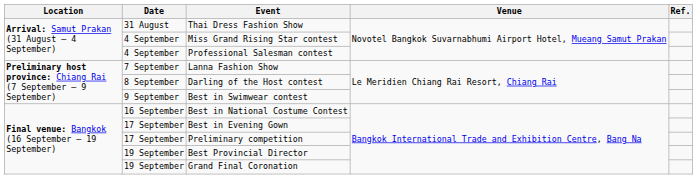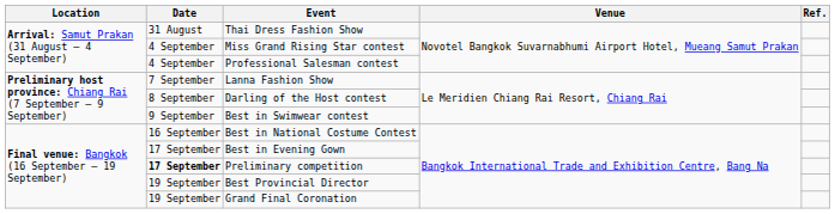 <table class="wikitable" style="font-size: 90%">
 <tr>
 <th width=160>Location</th>
 <th>Date</th>
 <th>Event</th>
 <th>Venue</th>
 <th>Ref.</th>
 </tr>
 <tr>
 <td rowspan=3><strong>Arrival:</strong> <a href='#'>Samut Prakan</a><br>(31 August – 4 September)</td>
 <td>31 August</td>
 <td>Thai Dress Fashion Show</td>
 <td rowspan=3>Novotel Bangkok Suvarnabhumi Airport Hotel, <a href='#'>Mueang Samut Prakan</a></td>
 <td align=center></td>
 </tr>
 <tr>
 <td>4 September</td>
 <td>Miss Grand Rising Star contest</td>
 <td></td>
 </tr>
 <tr>
 <td>4 September</td>
 <td>Professional Salesman contest</td>
 <td></td>
 </tr>
 <tr>
 <td rowspan=3><strong>Preliminary host province:</strong> <a href='#'>Chiang Rai</a><br>(7 September – 9 September)</td>
 <td>7 September</td>
 <td>Lanna Fashion Show</td>
 <td rowspan=3>Le Meridien Chiang Rai Resort, <a href='#'>Chiang Rai</a></td>
 <td align=center></td>
 </tr>
 <tr>
 <td>8 September</td>
 <td>Darling of the Host contest</td>
 <td></td>
 </tr>
 <tr>
 <td>9 September</td>
 <td>Best in Swimwear contest</td>
 <td></td>
 </tr>
 <tr>
 <td rowspan=5><strong>Final venue:</strong> <a href='#'>Bangkok</a><br>(16 September – 19 September)</td>
 <td>16 September</td>
 <td>Best in National Costume Contest</td>
 <td rowspan=5><a href='#'>Bangkok International Trade and Exhibition Centre</a>, <a href='#'>Bang Na</a></td>
 <td align=center></td>
 </tr>
 <tr>
 <td>17 September</td>
 <td>Best in Evening Gown</td>
 <td align=center></td>
 </tr>
 <tr>
-<td>17 September</td>
+<td><strong>17 September</strong></td>
 <td>Preliminary competition</td>
 <td align=center></td>
 </tr>
 <tr>
 <td>19 September</td>
 <td>Best Provincial Director</td>
 <td align=center></td>
 </tr>
 <tr>
 <td>19 September</td>
 <td>Grand Final Coronation</td>
 <td align=center></td>
 </tr>
 </table>
